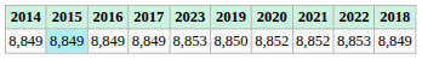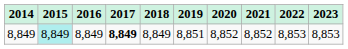 <table class="wikitable">
 <tr align="center" style="background:#CEF2E0;">
 <td><strong>2014</strong></td>
 <td><strong>2015</strong></td>
 <td><strong>2016</strong></td>
 <td><strong>2017</strong></td>
-<td><strong>2023</strong></td>
+<td><strong>2018</strong></td>
 <td><strong>2019</strong></td>
 <td><strong>2020</strong></td>
 <td><strong>2021</strong></td>
 <td><strong>2022</strong></td>
-<td><strong>2018</strong></td>
+<td><strong>2023</strong></td>
 </tr>
 <tr>
 <td>8,849</td>
 <td style="background: paleturquoise;">8,849</td>
 <td>8,849</td>
+<td><strong>8,849</strong></td>
 <td>8,849</td>
-<td>8,853</td>
-<td>8,850</td>
+<td>8,851</td>
 <td>8,852</td>
 <td>8,852</td>
 <td>8,853</td>
-<td>8,849</td>
+<td>8,853</td>
 </tr>
 </table>
